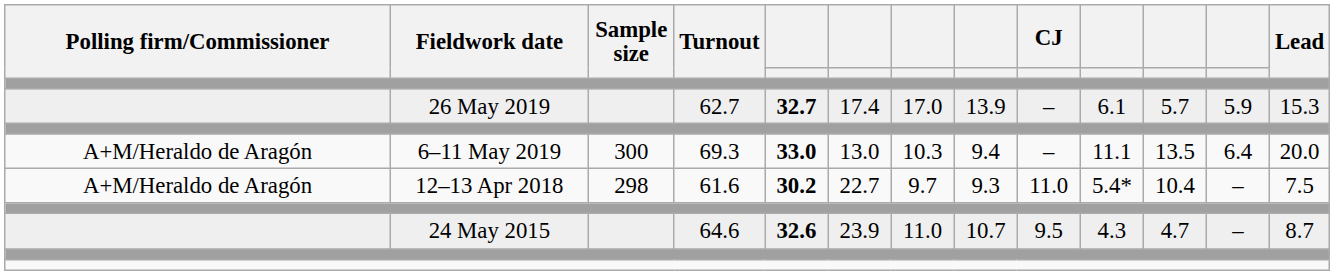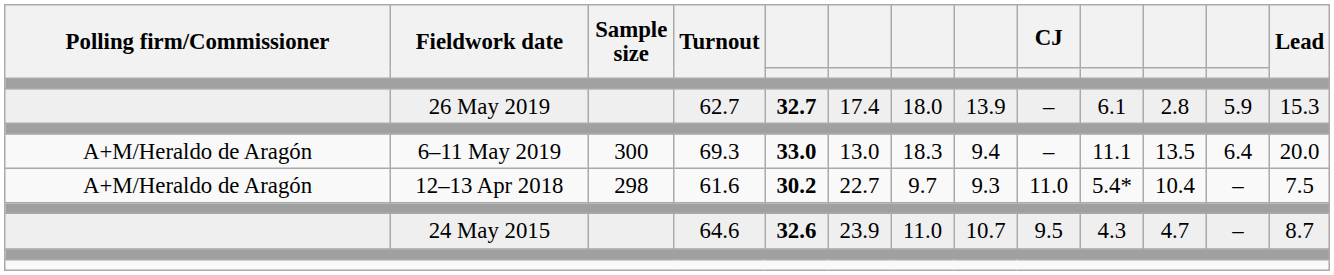 <table class="wikitable collapsible collapsed" style="text-align:center; font-size:95%; line-height:16px;">
 <tr style="height:42px;">
 <th style="width:250px;" rowspan="2">Polling firm/Commissioner</th>
 <th style="width:125px;" rowspan="2">Fieldwork date</th>
 <th style="width:50px;" rowspan="2">Sample size</th>
 <th style="width:45px;" rowspan="2">Turnout</th>
 <th style="width:35px;"></th>
 <th style="width:35px;"></th>
 <th style="width:35px;"></th>
 <th style="width:35px;"></th>
 <th style="width:35px;">CJ</th>
 <th style="width:35px;"></th>
 <th style="width:35px;"></th>
 <th style="width:35px;"></th>
 <th style="width:30px;" rowspan="2">Lead</th>
 </tr>
 <tr>
 <th style="color:inherit;background:"></th>
 <th style="color:inherit;background:"></th>
 <th style="color:inherit;background:"></th>
 <th style="color:inherit;background:"></th>
 <th style="color:inherit;background:"></th>
 <th style="color:inherit;background:"></th>
 <th style="color:inherit;background:"></th>
 <th style="color:inherit;background:"></th>
 </tr>
 <tr>
 <td colspan="13" style="background:#A0A0A0"></td>
 </tr>
 <tr style="background:#EFEFEF;">
 <td><strong></strong></td>
 <td>26 May 2019</td>
 <td></td>
 <td>62.7</td>
 <td><strong>32.7</strong><br></td>
 <td>17.4<br></td>
-<td>17.0<br></td>
+<td>18.0<br></td>
 <td>13.9<br></td>
 <td>–</td>
 <td>6.1<br></td>
-<td>5.7<br></td>
+<td>2.8<br></td>
 <td>5.9<br></td>
 <td style="background:">15.3</td>
 </tr>
 <tr>
 <td colspan="13" style="background:#A0A0A0"></td>
 </tr>
 <tr>
 <td>A+M/Heraldo de Aragón</td>
 <td>6–11 May 2019</td>
 <td>300</td>
 <td>69.3</td>
 <td><strong>33.0</strong><br></td>
 <td>13.0<br></td>
-<td>10.3<br></td>
+<td>18.3<br></td>
 <td>9.4<br></td>
 <td>–</td>
 <td>11.1<br></td>
 <td>13.5<br></td>
 <td>6.4<br></td>
 <td style="background:">20.0</td>
 </tr>
 <tr>
 <td>A+M/Heraldo de Aragón</td>
 <td>12–13 Apr 2018</td>
 <td>298</td>
 <td>61.6</td>
 <td><strong>30.2</strong><br></td>
 <td>22.7<br></td>
 <td>9.7<br></td>
 <td>9.3<br></td>
 <td>11.0<br></td>
 <td>5.4*<br></td>
 <td>10.4<br></td>
 <td>–</td>
 <td style="background:">7.5</td>
 </tr>
 <tr>
 <td colspan="13" style="background:#A0A0A0"></td>
 </tr>
 <tr style="background:#EFEFEF;">
 <td><strong></strong></td>
 <td>24 May 2015</td>
 <td></td>
 <td>64.6</td>
 <td><strong>32.6</strong><br></td>
 <td>23.9<br></td>
 <td>11.0<br></td>
 <td>10.7<br></td>
 <td>9.5<br></td>
 <td>4.3<br></td>
 <td>4.7<br></td>
 <td>–</td>
 <td style="background:">8.7</td>
 </tr>
 <tr>
 <td colspan="13" style="background:#A0A0A0"></td>
 </tr>
 <tr>
 <td align="left" colspan="13"></td>
 </tr>
 </table>
